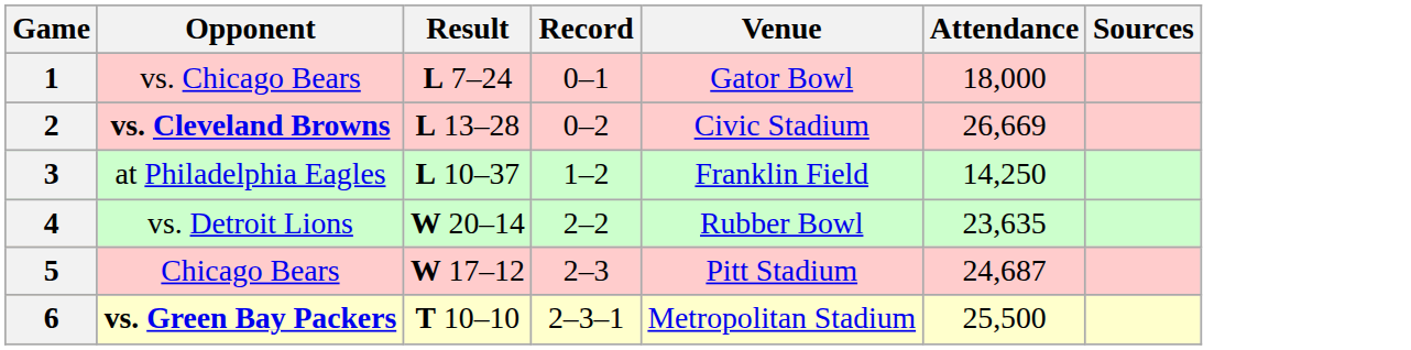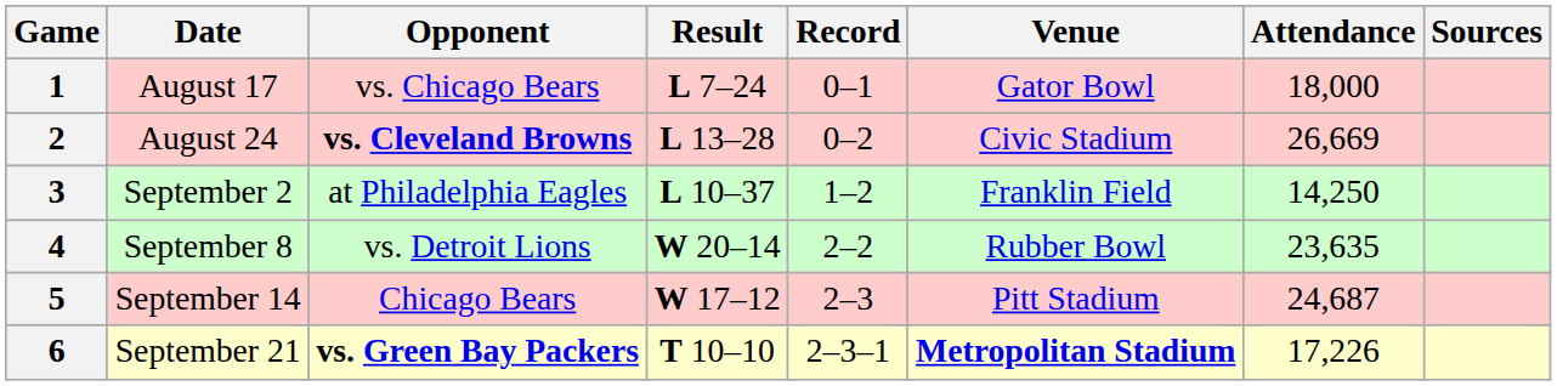 <table class="wikitable" style="text-align:center">
 <tr>
 <th>Game</th>
+<th>Date</th>
 <th>Opponent</th>
 <th>Result</th>
 <th>Record</th>
 <th>Venue</th>
 <th>Attendance</th>
 <th>Sources</th>
 </tr>
 <tr style="background:#fcc">
 <th>1</th>
+<td>August 17</td>
 <td>vs. <a href='#'>Chicago Bears</a></td>
 <td><strong>L</strong> 7–24</td>
 <td>0–1</td>
 <td><a href='#'>Gator Bowl</a> </td>
 <td>18,000</td>
 <td></td>
 </tr>
 <tr style="background:#fcc">
 <th>2</th>
+<td>August 24</td>
 <td><strong>vs. <a href='#'>Cleveland Browns</a></strong></td>
 <td><strong>L</strong> 13–28</td>
 <td>0–2</td>
 <td><a href='#'>Civic Stadium</a> </td>
 <td>26,669</td>
 <td></td>
 </tr>
 <tr style="background:#cfc">
 <th>3</th>
+<td>September 2</td>
 <td>at <a href='#'>Philadelphia Eagles</a></td>
 <td><strong>L</strong> 10–37</td>
 <td>1–2</td>
 <td><a href='#'>Franklin Field</a> </td>
 <td>14,250</td>
 <td></td>
 </tr>
 <tr style="background:#cfc">
 <th>4</th>
+<td>September 8</td>
 <td>vs. <a href='#'>Detroit Lions</a></td>
 <td><strong>W</strong> 20–14</td>
 <td>2–2</td>
 <td><a href='#'>Rubber Bowl</a> </td>
 <td>23,635</td>
 <td></td>
 </tr>
 <tr style="background:#fcc">
 <th>5</th>
+<td>September 14</td>
 <td><a href='#'>Chicago Bears</a></td>
 <td><strong>W</strong> 17–12</td>
 <td>2–3</td>
 <td><a href='#'>Pitt Stadium</a> </td>
 <td>24,687</td>
 <td></td>
 </tr>
 <tr style="background:#ffc">
 <th>6</th>
+<td>September 21</td>
 <td><strong>vs. <a href='#'>Green Bay Packers</a></strong></td>
 <td><strong>T</strong> 10–10</td>
 <td>2–3–1</td>
-<td><a href='#'>Metropolitan Stadium</a> </td>
-<td>25,500</td>
+<td><strong><a href='#'>Metropolitan Stadium</a> </strong></td>
+<td>17,226</td>
 <td></td>
 </tr>
 </table>
